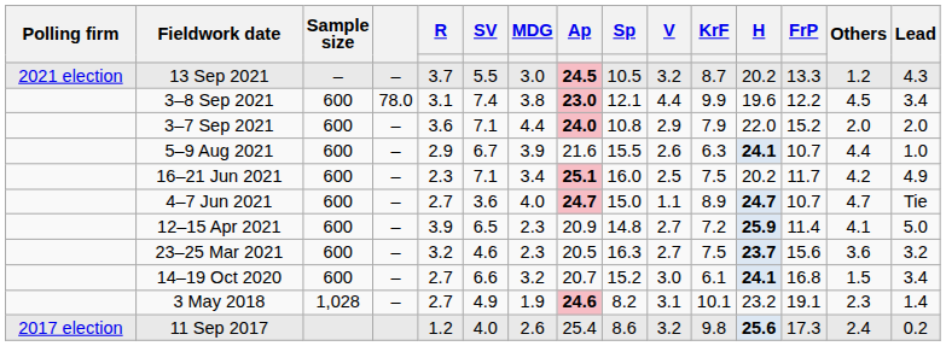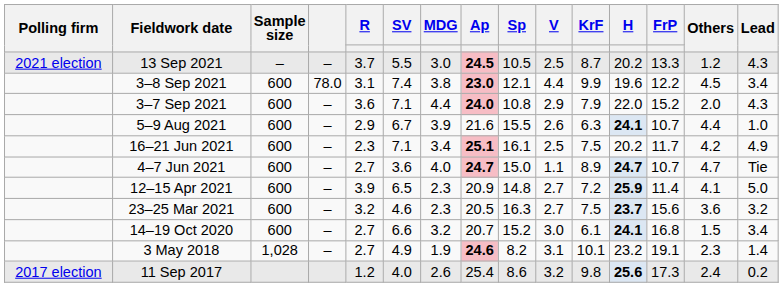 <table class="wikitable mw-collapsible sortable" style="text-align:center;font-size:90%;line-height:14px;">
 <tr style="height:40px;">
 <th rowspan="2" style="width:100px;">Polling firm</th>
 <th rowspan="2" style="width:130px;">Fieldwork date</th>
 <th rowspan="2" style="width:35px;">Sample<br>size</th>
 <th rowspan="2" style="width:30px;"></th>
 <th class="unsortable" style="width:30px;"><a href='#'>R</a></th>
 <th class="unsortable" style="width:30px;"><a href='#'>SV</a></th>
 <th class="unsortable" style="width:30px;"><a href='#'>MDG</a></th>
 <th class="unsortable" style="width:30px;"><a href='#'>Ap</a></th>
 <th class="unsortable" style="width:30px;"><a href='#'>Sp</a></th>
 <th class="unsortable" style="width:30px;"><a href='#'>V</a></th>
 <th class="unsortable" style="width:30px;"><a href='#'>KrF</a></th>
 <th class="unsortable" style="width:30px;"><a href='#'>H</a></th>
 <th class="unsortable" style="width:30px;"><a href='#'>FrP</a></th>
 <th class="unsortable" style="width:20px;" rowspan="2">Others</th>
 <th rowspan="2" style="width:30px;">Lead</th>
 </tr>
 <tr>
 <th style="background:"></th>
 <th style="background:"></th>
 <th style="background:"></th>
 <th style="background:"></th>
 <th style="background:"></th>
 <th style="background:"></th>
 <th style="background:"></th>
 <th style="background:"></th>
 <th style="background:"></th>
 </tr>
 <tr style="background:#E9E9E9;">
 <td><a href='#'>2021 election</a></td>
 <td data-sort-value="2021-09-13">13 Sep 2021</td>
 <td>–</td>
 <td>–</td>
 <td>3.7</td>
 <td>5.5</td>
 <td>3.0</td>
 <td style="background:#F7BDC5;"><strong>24.5</strong></td>
 <td>10.5</td>
-<td>3.2</td>
+<td>2.5</td>
 <td>8.7</td>
 <td>20.2</td>
 <td>13.3</td>
 <td>1.2</td>
 <td style="background:">4.3</td>
 </tr>
 <tr>
 <td></td>
 <td>3–8 Sep 2021</td>
 <td>600</td>
 <td>78.0</td>
 <td>3.1</td>
 <td>7.4</td>
 <td>3.8</td>
 <td style="background:#F7BDC5;"><strong>23.0</strong></td>
 <td>12.1</td>
 <td>4.4</td>
 <td>9.9</td>
 <td>19.6</td>
 <td>12.2</td>
 <td>4.5</td>
 <td style="background:">3.4</td>
 </tr>
 <tr>
 <td></td>
 <td>3–7 Sep 2021</td>
 <td>600</td>
 <td>–</td>
 <td>3.6</td>
 <td>7.1</td>
 <td>4.4</td>
 <td style="background:#F7BDC5;"><strong>24.0</strong></td>
 <td>10.8</td>
 <td>2.9</td>
 <td>7.9</td>
 <td>22.0</td>
 <td>15.2</td>
 <td>2.0</td>
-<td style="background:">2.0</td>
+<td style="background:">4.3</td>
 </tr>
 <tr>
 <td></td>
 <td>5–9 Aug 2021</td>
 <td>600</td>
 <td>–</td>
 <td>2.9</td>
 <td>6.7</td>
 <td>3.9</td>
 <td>21.6</td>
 <td>15.5</td>
 <td>2.6</td>
 <td>6.3</td>
 <td style="background:#DCE7F3;"><strong>24.1</strong></td>
 <td>10.7</td>
 <td>4.4</td>
 <td style="background:">1.0</td>
 </tr>
 <tr>
 <td></td>
 <td>16–21 Jun 2021</td>
 <td>600</td>
 <td>–</td>
 <td>2.3</td>
 <td>7.1</td>
 <td>3.4</td>
 <td style="background:#F7BDC5;"><strong>25.1</strong></td>
-<td>16.0</td>
+<td>16.1</td>
 <td>2.5</td>
 <td>7.5</td>
 <td>20.2</td>
 <td>11.7</td>
 <td>4.2</td>
 <td style="background:">4.9</td>
 </tr>
 <tr>
 <td></td>
 <td>4–7 Jun 2021</td>
 <td>600</td>
 <td>–</td>
 <td>2.7</td>
 <td>3.6</td>
 <td>4.0</td>
 <td style="background:#F7BDC5;"><strong>24.7</strong></td>
 <td>15.0</td>
 <td>1.1</td>
 <td>8.9</td>
 <td style="background:#DCE7F3;"><strong>24.7</strong></td>
 <td>10.7</td>
 <td>4.7</td>
 <td data-sort-value="0">Tie</td>
 </tr>
 <tr>
 <td></td>
 <td>12–15 Apr 2021</td>
 <td>600</td>
 <td>–</td>
 <td>3.9</td>
 <td>6.5</td>
 <td>2.3</td>
 <td>20.9</td>
 <td>14.8</td>
 <td>2.7</td>
 <td>7.2</td>
 <td style="background:#DCE7F3;"><strong>25.9</strong></td>
 <td>11.4</td>
 <td>4.1</td>
 <td style="background:">5.0</td>
 </tr>
 <tr>
 <td></td>
 <td>23–25 Mar 2021</td>
 <td>600</td>
 <td>–</td>
 <td>3.2</td>
 <td>4.6</td>
 <td>2.3</td>
 <td>20.5</td>
 <td>16.3</td>
 <td>2.7</td>
 <td>7.5</td>
 <td style="background:#DCE7F3;"><strong>23.7</strong></td>
 <td>15.6</td>
 <td>3.6</td>
 <td style="background:">3.2</td>
 </tr>
 <tr>
 <td></td>
 <td data-sort-value="2017-12-20">14–19 Oct 2020</td>
 <td>600</td>
 <td>–</td>
 <td>2.7</td>
 <td>6.6</td>
 <td>3.2</td>
 <td>20.7</td>
 <td>15.2</td>
 <td>3.0</td>
 <td>6.1</td>
 <td style="background:#DCE7F3;"><strong>24.1</strong></td>
 <td>16.8</td>
 <td>1.5</td>
 <td style="background:">3.4</td>
 </tr>
 <tr>
 <td></td>
 <td>3 May 2018</td>
 <td>1,028</td>
 <td>–</td>
 <td>2.7</td>
 <td>4.9</td>
 <td>1.9</td>
 <td style="background:#F7BDC5;"><strong>24.6</strong></td>
 <td>8.2</td>
 <td>3.1</td>
 <td>10.1</td>
 <td>23.2</td>
 <td>19.1</td>
 <td>2.3</td>
 <td style="background:">1.4</td>
 </tr>
 <tr style="background:#E9E9E9;">
 <td><a href='#'>2017 election</a></td>
 <td>11 Sep 2017</td>
 <td></td>
 <td></td>
 <td>1.2</td>
 <td>4.0</td>
 <td>2.6</td>
 <td>25.4</td>
 <td>8.6</td>
 <td>3.2</td>
 <td>9.8</td>
 <td style="background:#DCE7F3;"><strong>25.6</strong></td>
 <td>17.3</td>
 <td>2.4</td>
 <td style="background:">0.2</td>
 </tr>
 </table>
